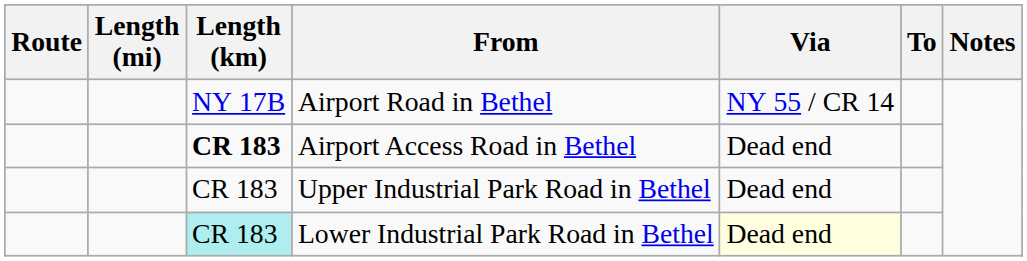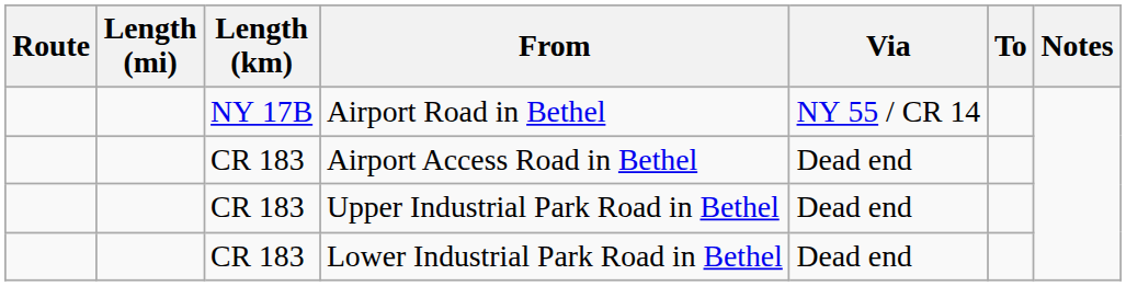 <table class="wikitable sortable">
 <tr>
 <th>Route</th>
 <th>Length<br>(mi)</th>
 <th>Length<br>(km)</th>
 <th class="unsortable">From</th>
 <th class="unsortable">Via</th>
 <th class="unsortable">To</th>
 <th class="unsortable">Notes</th>
 </tr>
 <tr>
 <td id="183"></td>
 <td></td>
 <td><a href='#'>NY&nbsp;17B</a></td>
 <td>Airport Road in <a href='#'>Bethel</a></td>
 <td><a href='#'>NY&nbsp;55</a> / CR 14</td>
 <td></td>
 </tr>
 <tr>
 <td id="183A"></td>
 <td></td>
-<td><strong>CR 183</strong></td>
+<td>CR 183</td>
 <td>Airport Access Road in <a href='#'>Bethel</a></td>
 <td>Dead end</td>
 <td></td>
 </tr>
 <tr>
 <td id="183B"></td>
 <td></td>
 <td>CR 183</td>
 <td>Upper Industrial Park Road in <a href='#'>Bethel</a></td>
 <td>Dead end</td>
 <td></td>
 </tr>
 <tr>
 <td id="183C"></td>
 <td></td>
-<td style="background: paleturquoise;">CR 183</td>
+<td>CR 183</td>
 <td>Lower Industrial Park Road in <a href='#'>Bethel</a></td>
-<td style="background: lightyellow;">Dead end</td>
+<td>Dead end</td>
 <td></td>
 </tr>
 </table>
